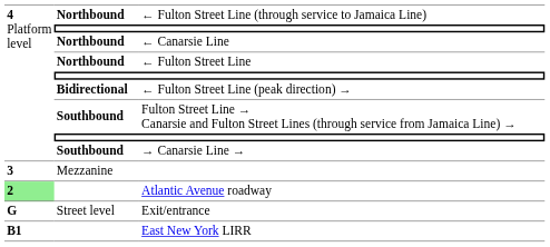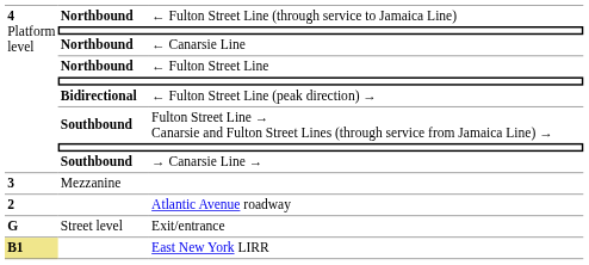 <table table border=0 cellspacing=0 cellpadding=3>
 <tr>
 <td style="border-top:solid 1px gray;border-bottom:solid 1px gray;" rowspan=9 valign=top><strong>4</strong><br>Platform level</td>
 <td style="border-top:solid 1px gray;"><strong>Northbound</strong></td>
 <td style="border-top:solid 1px gray;">← Fulton Street Line (through service to Jamaica Line)</td>
 </tr>
 <tr>
 <td style="border-top:solid 2px black;border-right:solid 2px black;border-left:solid 2px black;border-bottom:solid 2px black;text-align:center;" colspan=2></td>
 </tr>
 <tr>
 <td><strong>Northbound</strong></td>
 <td>← Canarsie Line</td>
 </tr>
 <tr>
 <td style="border-top:solid 1px gray;"><strong>Northbound</strong></td>
 <td style="border-top:solid 1px gray;">← Fulton Street Line</td>
 </tr>
 <tr>
 <td style="border-top:solid 2px black;border-right:solid 2px black;border-left:solid 2px black;border-bottom:solid 2px black;text-align:center;" colspan=2></td>
 </tr>
 <tr>
 <td><strong>Bidirectional</strong></td>
 <td>← Fulton Street Line (peak direction) →</td>
 </tr>
 <tr>
 <td style="border-bottom:solid 0px gray;border-top:solid 1px gray;"><strong>Southbound</strong></td>
 <td style="border-bottom:solid 0px gray;border-top:solid 1px gray;"> Fulton Street Line →<br> Canarsie and Fulton Street Lines (through service from Jamaica Line) →</td>
 </tr>
 <tr>
 <td style="border-top:solid 2px black;border-right:solid 2px black;border-left:solid 2px black;border-bottom:solid 2px black;text-align:center;" colspan=2></td>
 </tr>
 <tr>
 <td style="border-bottom:solid 1px gray;"><strong>Southbound</strong></td>
 <td style="border-bottom:solid 1px gray;"><span>→</span> Canarsie Line →</td>
 </tr>
 <tr>
 <td style="border-bottom:solid 1px gray;"><strong>3</strong></td>
 <td style="border-bottom:solid 1px gray;">Mezzanine</td>
 <td style="border-bottom:solid 1px gray;"></td>
 </tr>
 <tr>
-<td style="background: lightgreen; border-bottom:solid 1px gray;"><strong>2</strong></td>
+<td style="border-bottom:solid 1px gray;"><strong>2</strong></td>
 <td style="border-bottom:solid 1px gray;"></td>
 <td style="border-bottom:solid 1px gray;"><a href='#'>Atlantic Avenue</a> roadway</td>
 </tr>
 <tr>
 <td style="border-bottom:solid 1px gray;"><strong>G</strong></td>
 <td style="border-bottom:solid 1px gray;">Street level</td>
 <td style="border-bottom:solid 1px gray;">Exit/entrance</td>
 </tr>
 <tr>
-<td style="border-bottom:solid 1px gray;" width=50><strong>B1</strong></td>
+<td style="background: khaki; border-bottom:solid 1px gray;" width=50><strong>B1</strong></td>
 <td style="border-bottom:solid 1px gray;" width=100></td>
 <td style="border-bottom:solid 1px gray;" width=500><a href='#'>East New York</a> LIRR</td>
 </tr>
 </table>
